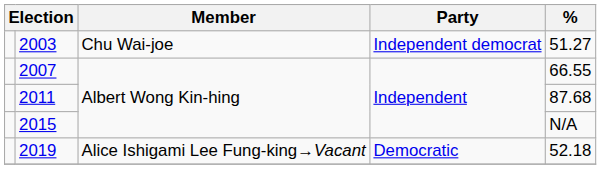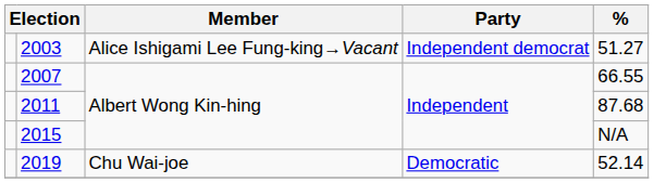 <table class="wikitable">
 <tr>
 <th colspan="2">Election</th>
 <th>Member</th>
 <th>Party</th>
 <th>%</th>
 </tr>
 <tr>
 <td style="background-color: "></td>
 <td><a href='#'>2003</a></td>
-<td>Chu Wai-joe</td>
+<td>Alice Ishigami Lee Fung-king→<em>Vacant</em></td>
 <td><a href='#'>Independent democrat</a></td>
 <td>51.27</td>
 </tr>
 <tr>
 <td style="background-color: "></td>
 <td><a href='#'>2007</a></td>
 <td rowspan=3>Albert Wong Kin-hing</td>
 <td rowspan=3><a href='#'>Independent</a></td>
 <td>66.55</td>
 </tr>
 <tr>
 <td style="background-color: "></td>
 <td><a href='#'>2011</a></td>
 <td>87.68</td>
 </tr>
 <tr>
 <td style="background-color: "></td>
 <td><a href='#'>2015</a></td>
 <td>N/A</td>
 </tr>
 <tr>
 <td style="background-color: "></td>
 <td><a href='#'>2019</a></td>
-<td>Alice Ishigami Lee Fung-king→<em>Vacant</em></td>
+<td>Chu Wai-joe</td>
 <td><a href='#'>Democratic</a></td>
-<td>52.18</td>
+<td>52.14</td>
 </tr>
 <tr>
 </tr>
 </table>
